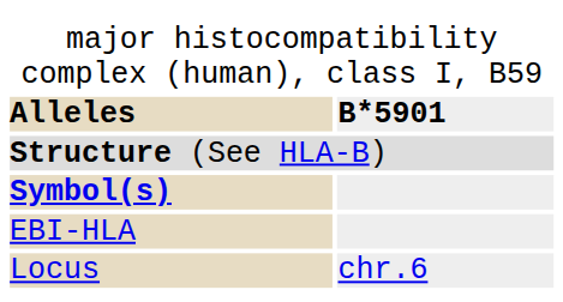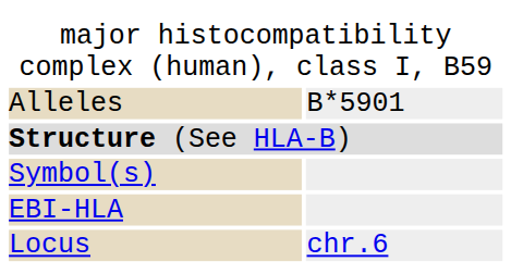 <table id="drugInfoBox" style="float: right; clear: right; margin: 0 0 0.5em 1em; background: #ffffff;" class="toccolours" border=0 cellpadding=0 align=right width="240px">
 <tr>
 <td align="center" colspan="3"></td>
 </tr>
 <tr style="text-align: center; line-height: 1.00;background:#eeeeee">
 <td colspan="3" color="white"></td>
 </tr>
 <tr>
 <td align="center" colspan="2"></td>
 </tr>
 <tr>
 <td align="center" colspan="2"><div>major histocompatibility complex (human), class I, B59</div></td>
 </tr>
 <tr>
-<td bgcolor="#e7dcc3"><strong>Alleles</strong></td>
-<td bgcolor="#eeeeee"><strong>B*5901 <br></strong></td>
+<td bgcolor="#e7dcc3">Alleles</td>
+<td bgcolor="#eeeeee">B*5901 <br></td>
 </tr>
 <tr>
 <td colspan="2" bgcolor="#dddddd"><strong>Structure</strong> (See <a href='#'>HLA-B</a>)</td>
 </tr>
 <tr>
-<td bgcolor="#e7dcc3"><strong><a href='#'>Symbol(s)</a></strong></td>
+<td bgcolor="#e7dcc3"><a href='#'>Symbol(s)</a></td>
 <td bgcolor="#eeeeee"></td>
 </tr>
 <tr>
 <td bgcolor="#e7dcc3"><a href='#'>EBI-HLA</a></td>
 <td bgcolor="#eeeeee"></td>
 </tr>
 <tr>
 <td bgcolor="#e7dcc3"><a href='#'>Locus</a></td>
 <td bgcolor="#eeeeee"><a href='#'>chr.6</a> <em></em></td>
 </tr>
 <tr>
 </tr>
 </table>
